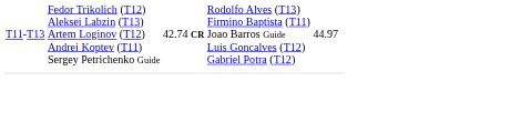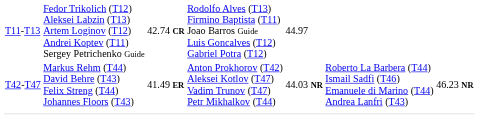 <table>
 <tr>
 <td><a href='#'>T11</a>-<a href='#'>T13</a></td>
 <td><a href='#'>Fedor Trikolich</a> (<a href='#'>T12</a>)<br><a href='#'>Aleksei Labzin</a> (<a href='#'>T13</a>)<br><a href='#'>Artem Loginov</a> (<a href='#'>T12</a>)<br><a href='#'>Andrei Koptev</a> (<a href='#'>T11</a>) <br>Sergey Petrichenko <small>Guide</small><br></td>
 <td>42.74 <small><strong>CR</strong></small></td>
 <td><a href='#'>Rodolfo Alves</a> (<a href='#'>T13</a>)<br><a href='#'>Firmino Baptista</a> (<a href='#'>T11</a>)<br>Joao Barros <small>Guide</small><br><a href='#'>Luis Goncalves</a> (<a href='#'>T12</a>)<br><a href='#'>Gabriel Potra</a> (<a href='#'>T12</a>)<br></td>
 <td>44.97</td>
 <td></td>
 <td></td>
 </tr>
 <tr>
+<td><a href='#'>T42</a>-<a href='#'>T47</a></td>
+<td><a href='#'>Markus Rehm</a> (<a href='#'>T44</a>)<br><a href='#'>David Behre</a> (<a href='#'>T43</a>)<br><a href='#'>Felix Streng</a> (<a href='#'>T44</a>)<br><a href='#'>Johannes Floors</a> (<a href='#'>T43</a>) <br></td>
+<td>41.49 <small><strong>ER</strong></small></td>
+<td><a href='#'>Anton Prokhorov</a> (<a href='#'>T42</a>)<br><a href='#'>Aleksei Kotlov</a> (<a href='#'>T47</a>)<br><a href='#'>Vadim Trunov</a> (<a href='#'>T47</a>)<br><a href='#'>Petr Mikhalkov</a> (<a href='#'>T44</a>)<br></td>
+<td>44.03 <small><strong>NR</strong></small></td>
+<td><a href='#'>Roberto La Barbera</a> (<a href='#'>T44</a>)<br><a href='#'>Ismail Sadfi</a> (<a href='#'>T46</a>)<br><a href='#'>Emanuele di Marino</a> (<a href='#'>T44</a>)<br><a href='#'>Andrea Lanfri</a> (<a href='#'>T43</a>)<br></td>
+<td>46.23 <small><strong>NR</strong></small></td>
+</tr>
+<tr>
 <td colspan=7></td>
 </tr>
 <tr>
 </tr>
 <tr bgcolor= e8e8e8>
 <td colspan=7></td>
 </tr>
 </table>
